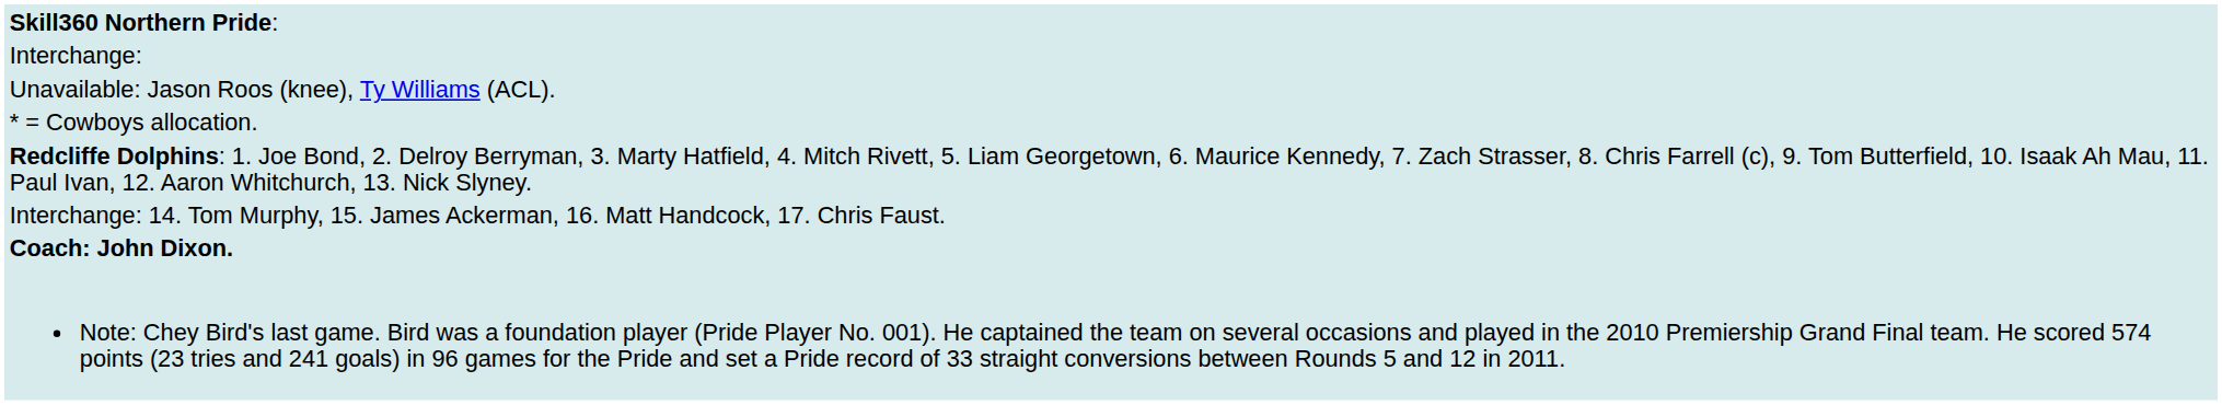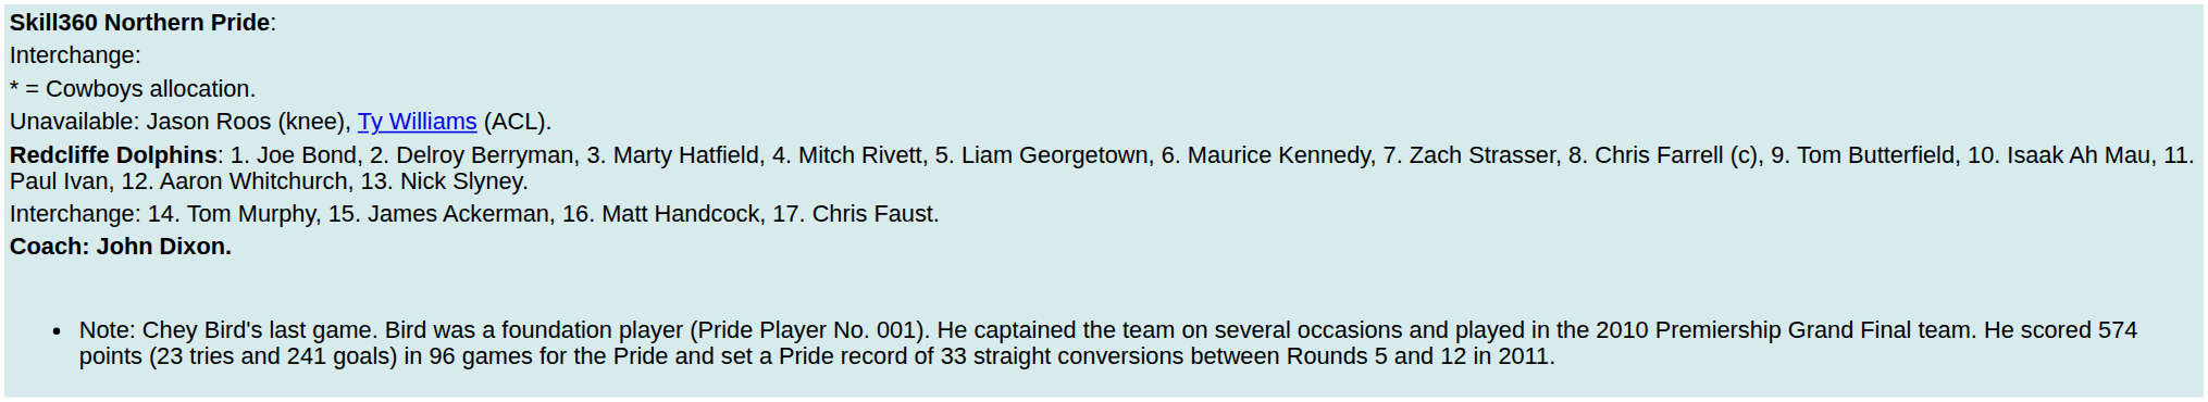 <table style="background:#d7ebed; font-size:85%; width:100%;">
 <tr>
 <td><strong>Skill360 Northern Pride</strong>:             </td>
 </tr>
 <tr>
 <td>Interchange:    </td>
 </tr>
 <tr>
-<td>Unavailable: Jason Roos (knee), <a href='#'>Ty Williams</a> (ACL).</td>
+<td>* = Cowboys allocation.</td>
 </tr>
 <tr>
-<td>* = Cowboys allocation.</td>
+<td>Unavailable: Jason Roos (knee), <a href='#'>Ty Williams</a> (ACL).</td>
 </tr>
 <tr>
 <td><strong>Redcliffe Dolphins</strong>: 1. Joe Bond, 2. Delroy Berryman, 3. Marty Hatfield, 4. Mitch Rivett, 5. Liam Georgetown, 6. Maurice Kennedy, 7. Zach Strasser, 8. Chris Farrell (c), 9. Tom Butterfield, 10. Isaak Ah Mau, 11. Paul Ivan, 12. Aaron Whitchurch, 13. Nick Slyney.</td>
 </tr>
 <tr>
 <td>Interchange: 14. Tom Murphy, 15. James Ackerman, 16. Matt Handcock, 17. Chris Faust.</td>
 </tr>
 <tr>
 <td><strong>Coach: John Dixon.</strong></td>
 </tr>
 <tr>
 <td><br><ul><li>Note: Chey Bird's last game. Bird was a foundation player (Pride Player No. 001). He captained the team on several occasions and played in the 2010 Premiership Grand Final team. He scored 574 points (23 tries and 241 goals) in 96 games for the Pride and set a Pride record of 33 straight conversions between Rounds 5 and 12 in 2011.</li></ul></td>
 </tr>
 </table>
